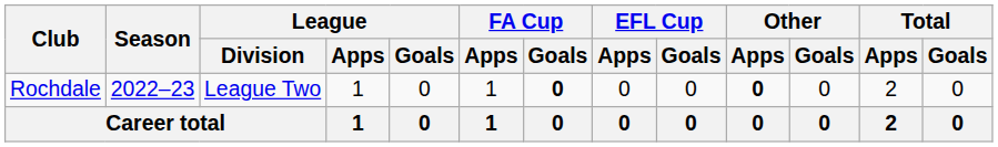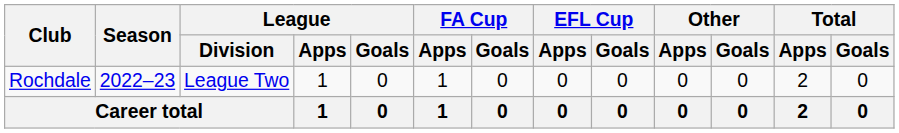 <table class=wikitable style=text-align:center>
 <tr>
 <th rowspan=2>Club</th>
 <th rowspan=2>Season</th>
 <th colspan=3>League</th>
 <th colspan=2><a href='#'>FA Cup</a></th>
 <th colspan=2><a href='#'>EFL Cup</a></th>
 <th colspan=2>Other</th>
 <th colspan=2>Total</th>
 </tr>
 <tr>
 <th>Division</th>
 <th>Apps</th>
 <th>Goals</th>
 <th>Apps</th>
 <th>Goals</th>
 <th>Apps</th>
 <th>Goals</th>
 <th>Apps</th>
 <th>Goals</th>
 <th>Apps</th>
 <th>Goals</th>
 </tr>
 <tr>
 <td><a href='#'>Rochdale</a></td>
 <td><a href='#'>2022–23</a></td>
 <td><a href='#'>League Two</a></td>
 <td>1</td>
 <td>0</td>
 <td>1</td>
-<td><strong>0</strong></td>
 <td>0</td>
 <td>0</td>
-<td><strong>0</strong></td>
+<td>0</td>
+<td>0</td>
 <td>0</td>
 <td>2</td>
 <td>0</td>
 </tr>
 <tr>
 <th colspan=3>Career total</th>
 <th>1</th>
 <th>0</th>
 <th>1</th>
 <th>0</th>
 <th>0</th>
 <th>0</th>
 <th>0</th>
 <th>0</th>
 <th>2</th>
 <th>0</th>
 </tr>
 </table>
